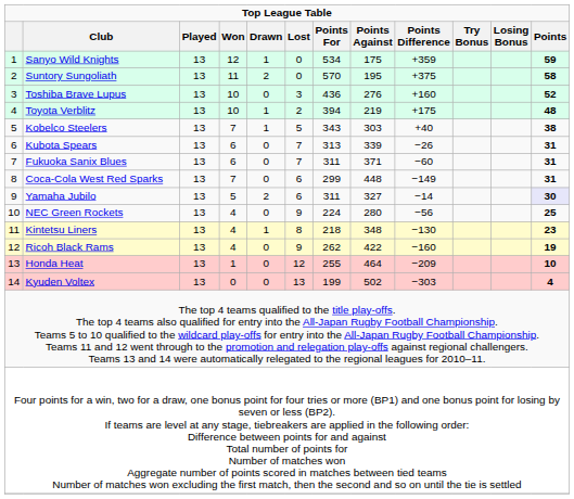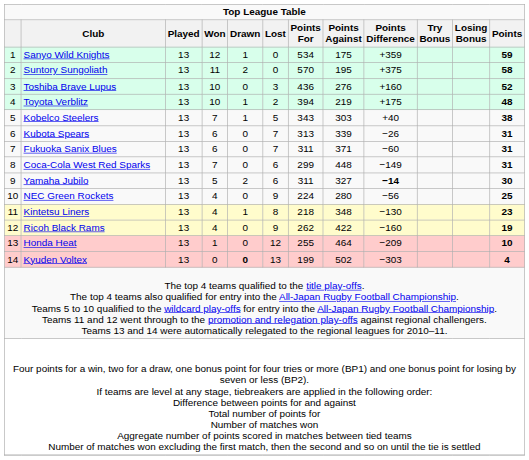 <table class="wikitable" style="text-align: center;">
 <tr>
 <td colspan="15" cellpadding="0" cellspacing="0"><strong>Top League Table</strong></td>
 </tr>
 <tr>
 <th bgcolor="#efefef" width="20"></th>
 <th bgcolor="#efefef" width="225">Club</th>
 <th bgcolor="#efefef" width="20">Played</th>
 <th bgcolor="#efefef" width="20">Won</th>
 <th bgcolor="#efefef" width="20">Drawn</th>
 <th bgcolor="#efefef" width="20">Lost</th>
 <th bgcolor="#efefef" width="20">Points For</th>
 <th bgcolor="#efefef" width="20">Points Against</th>
 <th bgcolor="#efefef" width="20">Points Difference</th>
 <th bgcolor="#efefef" width="20">Try Bonus</th>
 <th bgcolor="#efefef" width="20">Losing Bonus</th>
 <th bgcolor="#efefef" width="20">Points<br></th>
 </tr>
 <tr bgcolor=#d8ffeb>
 <td>1</td>
 <td style="text-align:left;"> <a href='#'>Sanyo Wild Knights</a></td>
 <td>13</td>
 <td>12</td>
 <td>1</td>
 <td>0</td>
 <td>534</td>
 <td>175</td>
 <td>+359</td>
 <td></td>
 <td></td>
 <td><strong>59</strong></td>
 </tr>
 <tr bgcolor=#d8ffeb>
 <td>2</td>
 <td style="text-align:left;"> <a href='#'>Suntory Sungoliath</a></td>
 <td>13</td>
 <td>11</td>
 <td>2</td>
 <td>0</td>
 <td>570</td>
 <td>195</td>
 <td>+375</td>
 <td></td>
 <td></td>
 <td><strong>58</strong></td>
 </tr>
 <tr bgcolor=#d8ffeb>
 <td>3</td>
 <td style="text-align:left;"> <a href='#'>Toshiba Brave Lupus</a></td>
 <td>13</td>
 <td>10</td>
 <td>0</td>
 <td>3</td>
 <td>436</td>
 <td>276</td>
 <td>+160</td>
 <td></td>
 <td></td>
 <td><strong>52</strong></td>
 </tr>
 <tr bgcolor=#d8ffeb>
 <td>4</td>
 <td style="text-align:left;"> <a href='#'>Toyota Verblitz</a></td>
 <td>13</td>
 <td>10</td>
 <td>1</td>
 <td>2</td>
 <td>394</td>
 <td>219</td>
 <td>+175</td>
 <td></td>
 <td></td>
 <td><strong>48</strong></td>
 </tr>
 <tr>
 <td>5</td>
 <td style="text-align:left;"> <a href='#'>Kobelco Steelers</a></td>
 <td>13</td>
 <td>7</td>
 <td>1</td>
 <td>5</td>
 <td>343</td>
 <td>303</td>
 <td>+40</td>
 <td></td>
 <td></td>
 <td><strong>38</strong></td>
 </tr>
 <tr>
 <td>6</td>
 <td style="text-align:left;"> <a href='#'>Kubota Spears</a></td>
 <td>13</td>
 <td>6</td>
 <td>0</td>
 <td>7</td>
 <td>313</td>
 <td>339</td>
 <td>−26</td>
 <td></td>
 <td></td>
 <td><strong>31</strong></td>
 </tr>
 <tr>
 <td>7</td>
 <td style="text-align:left;"> <a href='#'>Fukuoka Sanix Blues</a></td>
 <td>13</td>
 <td>6</td>
 <td>0</td>
 <td>7</td>
 <td>311</td>
 <td>371</td>
 <td>−60</td>
 <td></td>
 <td></td>
 <td><strong>31</strong></td>
 </tr>
 <tr>
 <td>8</td>
 <td style="text-align:left;"> <a href='#'>Coca-Cola West Red Sparks</a></td>
 <td>13</td>
 <td>7</td>
 <td>0</td>
 <td>6</td>
 <td>299</td>
 <td>448</td>
 <td>−149</td>
 <td></td>
 <td></td>
 <td><strong>31</strong></td>
 </tr>
 <tr>
 <td>9</td>
 <td style="text-align:left;"> <a href='#'>Yamaha Jubilo</a></td>
 <td>13</td>
 <td>5</td>
 <td>2</td>
 <td>6</td>
 <td>311</td>
 <td>327</td>
-<td>−14</td>
+<td><strong>−14</strong></td>
 <td></td>
 <td></td>
-<td style="background: lavender;"><strong>30</strong></td>
+<td><strong>30</strong></td>
 </tr>
 <tr>
 <td>10</td>
 <td style="text-align:left;"> <a href='#'>NEC Green Rockets</a></td>
 <td>13</td>
 <td>4</td>
 <td>0</td>
 <td>9</td>
 <td>224</td>
 <td>280</td>
 <td>−56</td>
 <td></td>
 <td></td>
 <td><strong>25</strong></td>
 </tr>
 <tr bgcolor=#fffccc>
 <td>11</td>
 <td style="text-align:left;"> <a href='#'>Kintetsu Liners</a></td>
 <td>13</td>
 <td>4</td>
 <td>1</td>
 <td>8</td>
 <td>218</td>
 <td>348</td>
 <td>−130</td>
 <td></td>
 <td></td>
 <td><strong>23</strong></td>
 </tr>
 <tr bgcolor=#fffccc>
 <td>12</td>
 <td style="text-align:left;"> <a href='#'>Ricoh Black Rams</a></td>
 <td>13</td>
 <td>4</td>
 <td>0</td>
 <td>9</td>
 <td>262</td>
 <td>422</td>
 <td>−160</td>
 <td></td>
 <td></td>
 <td><strong>19</strong></td>
 </tr>
 <tr bgcolor=#ffcccc>
 <td>13</td>
 <td style="text-align:left;"> <a href='#'>Honda Heat</a></td>
 <td>13</td>
 <td>1</td>
 <td>0</td>
 <td>12</td>
 <td>255</td>
 <td>464</td>
 <td>−209</td>
 <td></td>
 <td></td>
 <td><strong>10</strong></td>
 </tr>
 <tr bgcolor=#ffcccc>
 <td>14</td>
 <td style="text-align:left;"> <a href='#'>Kyuden Voltex</a></td>
 <td>13</td>
 <td>0</td>
-<td>0</td>
+<td><strong>0</strong></td>
 <td>13</td>
 <td>199</td>
 <td>502</td>
 <td>−303</td>
 <td></td>
 <td></td>
 <td><strong>4</strong></td>
 </tr>
 <tr align=center>
 <td colspan="15" style="border:0px"><br> The top 4 teams qualified to the <a href='#'>title play-offs</a>.<br> The top 4 teams also qualified for entry into the <a href='#'>All-Japan Rugby Football Championship</a>.<br>  Teams 5 to 10 qualified to the <a href='#'>wildcard play-offs</a> for entry into the <a href='#'>All-Japan Rugby Football Championship</a>.<br>  Teams 11 and 12 went through to the <a href='#'>promotion and relegation play-offs</a> against regional challengers.<br>  Teams 13 and 14 were automatically relegated to the regional leagues for 2010–11.</td>
 </tr>
 <tr bgcolor=#ffffff align=center>
 <td colspan="15"><br><br>Four points for a win, two for a draw, one bonus point for four tries or more (BP1) and one bonus point for losing by seven or less (BP2).<br> If teams are level at any stage, tiebreakers are applied in the following order:<br>  Difference between points for and against<br>  Total number of points for<br>  Number of matches won<br>  Aggregate number of points scored in matches between tied teams<br>  Number of matches won excluding the first match, then the second and so on until the tie is settled<br></td>
 </tr>
 <tr |align=left|>
 </tr>
 </table>
